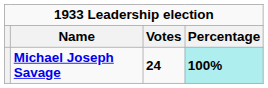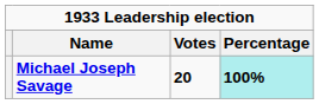 <table class="wikitable">
 <tr>
 <td colspan=4 style="text-align:center;"><strong>1933 Leadership election</strong></td>
 </tr>
 <tr>
 <th></th>
 <th>Name</th>
 <th>Votes</th>
 <th>Percentage</th>
 </tr>
 <tr>
 <th style="background-color: "></th>
 <td width="150"><strong><a href='#'>Michael Joseph Savage</a></strong></td>
-<td><strong>24</strong></td>
+<td><strong>20</strong></td>
 <td style="background: paleturquoise;"><strong>100%</strong></td>
 </tr>
 </table>
